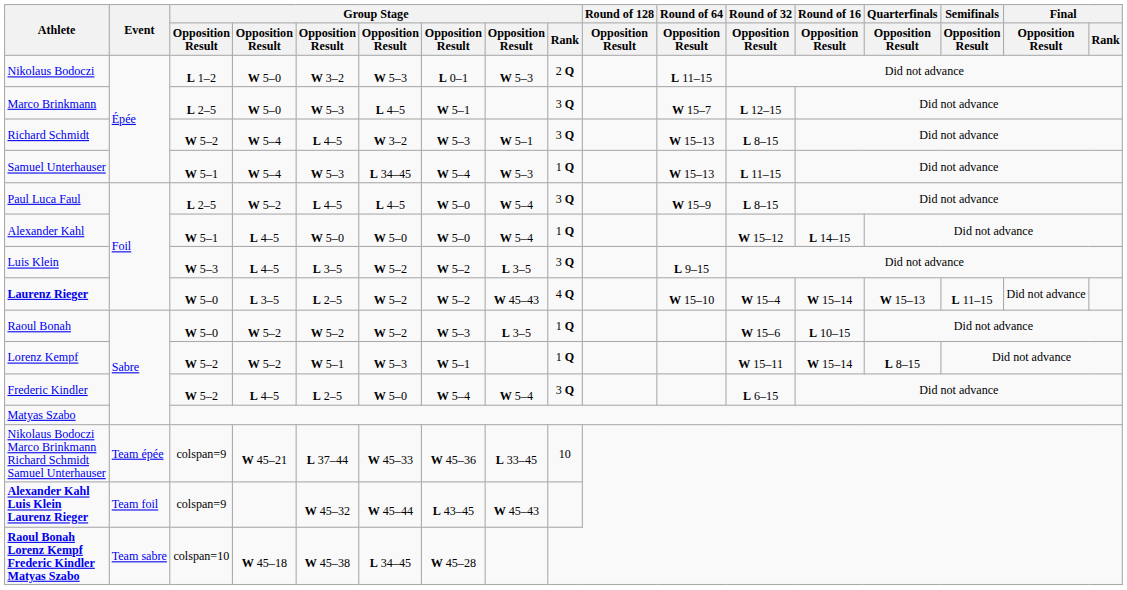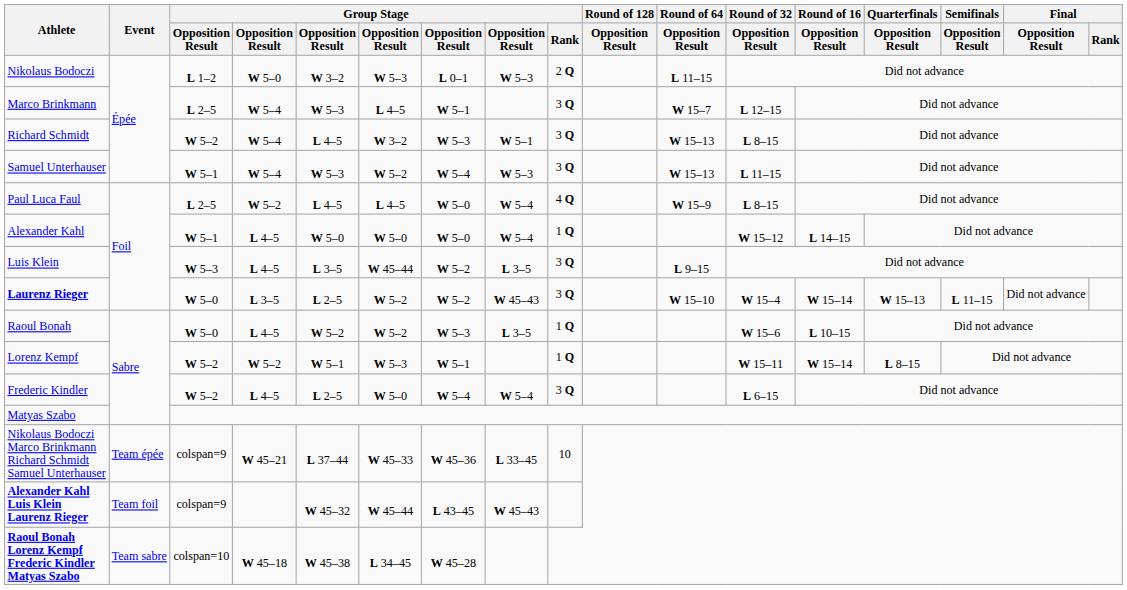 <table class=wikitable style="font-size:70%">
 <tr>
 <th rowspan="2">Athlete</th>
 <th rowspan="2">Event</th>
 <th colspan="7">Group Stage</th>
 <th>Round of 128</th>
 <th>Round of 64</th>
 <th>Round of 32</th>
 <th>Round of 16</th>
 <th>Quarterfinals</th>
 <th>Semifinals</th>
 <th colspan="2">Final</th>
 </tr>
 <tr>
 <th>Opposition<br>Result</th>
 <th>Opposition<br>Result</th>
 <th>Opposition<br>Result</th>
 <th>Opposition<br>Result</th>
 <th>Opposition<br>Result</th>
 <th>Opposition<br>Result</th>
 <th>Rank</th>
 <th>Opposition<br>Result</th>
 <th>Opposition<br>Result</th>
 <th>Opposition<br>Result</th>
 <th>Opposition<br>Result</th>
 <th>Opposition<br>Result</th>
 <th>Opposition<br>Result</th>
 <th>Opposition<br>Result</th>
 <th>Rank</th>
 </tr>
 <tr align=center>
 <td align=left><a href='#'>Nikolaus Bodoczi</a></td>
 <td align=left rowspan=4><a href='#'>Épée</a></td>
 <td><br><strong>L</strong> 1–2</td>
 <td><br><strong>W</strong> 5–0</td>
 <td><br><strong>W</strong> 3–2</td>
 <td><br><strong>W</strong> 5–3</td>
 <td><br><strong>L</strong> 0–1</td>
 <td><br><strong>W</strong> 5–3</td>
 <td>2 <strong>Q</strong></td>
 <td></td>
 <td><br><strong>L</strong> 11–15</td>
 <td colspan=6>Did not advance</td>
 </tr>
 <tr align=center>
 <td align=left><a href='#'>Marco Brinkmann</a></td>
 <td><br><strong>L</strong> 2–5</td>
-<td><br><strong>W</strong> 5–0</td>
+<td><br><strong>W</strong> 5–4</td>
 <td><br><strong>W</strong> 5–3</td>
 <td><br><strong>L</strong> 4–5</td>
 <td><br><strong>W</strong> 5–1</td>
 <td></td>
 <td>3 <strong>Q</strong></td>
 <td></td>
 <td><br><strong>W</strong> 15–7</td>
 <td><br><strong>L</strong> 12–15</td>
 <td colspan=5>Did not advance</td>
 </tr>
 <tr align=center>
 <td align=left><a href='#'>Richard Schmidt</a></td>
 <td><br><strong>W</strong> 5–2</td>
 <td><br><strong>W</strong> 5–4</td>
 <td><br><strong>L</strong> 4–5</td>
 <td><br><strong>W</strong> 3–2</td>
 <td><br><strong>W</strong> 5–3</td>
 <td><br><strong>W</strong> 5–1</td>
 <td>3 <strong>Q</strong></td>
 <td></td>
 <td><br><strong>W</strong> 15–13</td>
 <td><br><strong>L</strong> 8–15</td>
 <td colspan=5>Did not advance</td>
 </tr>
 <tr align=center>
 <td align=left><a href='#'>Samuel Unterhauser</a></td>
 <td><br><strong>W</strong> 5–1</td>
 <td><br><strong>W</strong> 5–4</td>
 <td><br><strong>W</strong> 5–3</td>
-<td><br><strong>L</strong> 34–45</td>
+<td><br><strong>W</strong> 5–2</td>
 <td><br><strong>W</strong> 5–4</td>
 <td><br><strong>W</strong> 5–3</td>
-<td>1 <strong>Q</strong></td>
+<td>3 <strong>Q</strong></td>
 <td></td>
 <td><br><strong>W</strong> 15–13</td>
 <td><br><strong>L</strong> 11–15</td>
 <td colspan=5>Did not advance</td>
 </tr>
 <tr align=center>
 <td align=left><a href='#'>Paul Luca Faul</a></td>
 <td align=left rowspan=4><a href='#'>Foil</a></td>
 <td><br><strong>L</strong> 2–5</td>
 <td><br><strong>W</strong> 5–2</td>
 <td><br><strong>L</strong> 4–5</td>
 <td><br><strong>L</strong> 4–5</td>
 <td><br><strong>W</strong> 5–0</td>
 <td><br><strong>W</strong> 5–4</td>
-<td>3 <strong>Q</strong></td>
+<td>4 <strong>Q</strong></td>
 <td></td>
 <td><br><strong>W</strong> 15–9</td>
 <td><br><strong>L</strong> 8–15</td>
 <td colspan=5>Did not advance</td>
 </tr>
 <tr align=center>
 <td align=left><a href='#'>Alexander Kahl</a></td>
 <td><br><strong>W</strong> 5–1</td>
 <td><br><strong>L</strong> 4–5</td>
 <td><br><strong>W</strong> 5–0</td>
 <td><br><strong>W</strong> 5–0</td>
 <td><br><strong>W</strong> 5–0</td>
 <td><br><strong>W</strong> 5–4</td>
 <td>1 <strong>Q</strong></td>
 <td></td>
 <td></td>
 <td><br><strong>W</strong> 15–12</td>
 <td><br><strong>L</strong> 14–15</td>
 <td colspan=4>Did not advance</td>
 </tr>
 <tr align=center>
 <td align=left><a href='#'>Luis Klein</a></td>
 <td><br><strong>W</strong> 5–3</td>
 <td><br><strong>L</strong> 4–5</td>
 <td><br><strong>L</strong> 3–5</td>
-<td><br><strong>W</strong> 5–2</td>
+<td><br><strong>W</strong> 45–44</td>
 <td><br><strong>W</strong> 5–2</td>
 <td><br><strong>L</strong> 3–5</td>
 <td>3 <strong>Q</strong></td>
 <td></td>
 <td><br><strong>L</strong> 9–15</td>
 <td colspan=6>Did not advance</td>
 </tr>
 <tr align=center>
 <td align=left><strong><a href='#'>Laurenz Rieger</a></strong></td>
 <td><br><strong>W</strong> 5–0</td>
 <td><br><strong>L</strong> 3–5</td>
 <td><br><strong>L</strong> 2–5</td>
 <td><br><strong>W</strong> 5–2</td>
 <td><br><strong>W</strong> 5–2</td>
 <td><br><strong>W</strong> 45–43</td>
-<td>4 <strong>Q</strong></td>
+<td>3 <strong>Q</strong></td>
 <td></td>
 <td><br><strong>W</strong> 15–10</td>
 <td><br><strong>W</strong> 15–4</td>
 <td><br><strong>W</strong> 15–14</td>
 <td><br><strong>W</strong> 15–13</td>
 <td><br><strong>L</strong> 11–15</td>
 <td>Did not advance</td>
 <td></td>
 </tr>
 <tr align=center>
 <td align=left><a href='#'>Raoul Bonah</a></td>
 <td align=left rowspan=4><a href='#'>Sabre</a></td>
 <td><br><strong>W</strong> 5–0</td>
-<td><br><strong>W</strong> 5–2</td>
+<td><br><strong>L</strong> 4–5</td>
 <td><br><strong>W</strong> 5–2</td>
 <td><br><strong>W</strong> 5–2</td>
 <td><br><strong>W</strong> 5–3</td>
 <td><br><strong>L</strong> 3–5</td>
 <td>1 <strong>Q</strong></td>
 <td></td>
 <td></td>
 <td><br><strong>W</strong> 15–6</td>
 <td><br><strong>L</strong> 10–15</td>
 <td colspan=4>Did not advance</td>
 </tr>
 <tr align=center>
 <td align=left><a href='#'>Lorenz Kempf</a></td>
 <td><br><strong>W</strong> 5–2</td>
 <td><br><strong>W</strong> 5–2</td>
 <td><br><strong>W</strong> 5–1</td>
 <td><br><strong>W</strong> 5–3</td>
 <td><br><strong>W</strong> 5–1</td>
 <td></td>
 <td>1 <strong>Q</strong></td>
 <td></td>
 <td></td>
 <td><br><strong>W</strong> 15–11</td>
 <td><br><strong>W</strong> 15–14</td>
 <td><br><strong>L</strong> 8–15</td>
 <td colspan=3>Did not advance</td>
 </tr>
 <tr align=center>
 <td align=left><a href='#'>Frederic Kindler</a></td>
 <td><br><strong>W</strong> 5–2</td>
 <td><br><strong>L</strong> 4–5</td>
 <td><br><strong>L</strong> 2–5</td>
 <td><br><strong>W</strong> 5–0</td>
 <td><br><strong>W</strong> 5–4</td>
 <td><br><strong>W</strong> 5–4</td>
 <td>3 <strong>Q</strong></td>
 <td></td>
 <td></td>
 <td><br><strong>L</strong> 6–15</td>
 <td colspan=5>Did not advance</td>
 </tr>
 <tr align=center>
 <td align=left><a href='#'>Matyas Szabo</a></td>
 <td colspan=15></td>
 </tr>
 <tr align=center>
 <td align=left><a href='#'>Nikolaus Bodoczi</a><br><a href='#'>Marco Brinkmann</a><br><a href='#'>Richard Schmidt</a><br><a href='#'>Samuel Unterhauser</a></td>
 <td align=left><a href='#'>Team épée</a></td>
 <td>colspan=9</td>
 <td><br><strong>W</strong> 45–21</td>
 <td><br><strong>L</strong> 37–44</td>
 <td><br><strong>W</strong> 45–33</td>
 <td><br><strong>W</strong> 45–36</td>
 <td><br><strong>L</strong> 33–45</td>
 <td>10</td>
 </tr>
 <tr align=center>
 <td align=left><strong><a href='#'>Alexander Kahl</a><br><a href='#'>Luis Klein</a><br><a href='#'>Laurenz Rieger</a></strong></td>
 <td align=left><a href='#'>Team foil</a></td>
 <td>colspan=9</td>
 <td></td>
 <td><br><strong>W</strong> 45–32</td>
 <td><br><strong>W</strong> 45–44</td>
 <td><br><strong>L</strong> 43–45</td>
 <td><br><strong>W</strong> 45–43</td>
 <td></td>
 </tr>
 <tr align=center>
 <td align=left><strong><a href='#'>Raoul Bonah</a><br><a href='#'>Lorenz Kempf</a><br><a href='#'>Frederic Kindler</a><br><a href='#'>Matyas Szabo</a></strong></td>
 <td align=left><a href='#'>Team sabre</a></td>
 <td>colspan=10</td>
 <td><br><strong>W</strong> 45–18</td>
 <td><br><strong>W</strong> 45–38</td>
 <td><br><strong>L</strong> 34–45</td>
 <td><br><strong>W</strong> 45–28</td>
 <td></td>
 </tr>
 </table>
